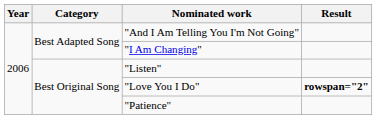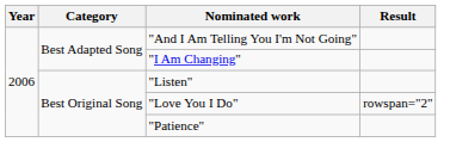 <table class="wikitable" style="font-size:90%;">
 <tr style="background:#ccc; text-align:center;">
 <th>Year</th>
 <th>Category</th>
 <th>Nominated work</th>
 <th>Result</th>
 </tr>
 <tr>
 <td rowspan="5">2006</td>
 <td rowspan="2">Best Adapted Song</td>
 <td>"And I Am Telling You I'm Not Going"</td>
 <td></td>
 </tr>
 <tr>
 <td>"<a href='#'>I Am Changing</a>"</td>
 <td></td>
 </tr>
 <tr>
 <td rowspan="3">Best Original Song</td>
 <td>"Listen"</td>
 <td></td>
 </tr>
 <tr>
 <td>"Love You I Do"</td>
-<td><strong>rowspan="2" </strong></td>
+<td>rowspan="2" </td>
 </tr>
 <tr>
 <td>"Patience"</td>
 </tr>
 </table>
